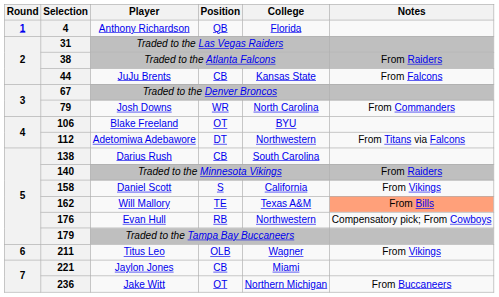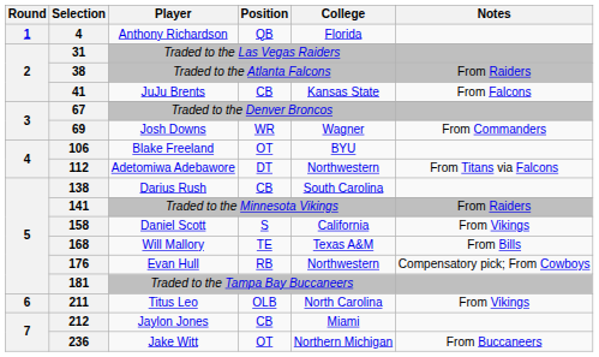 <table class="wikitable" style="text-align:center">
 <tr>
 <th>Round</th>
 <th>Selection</th>
 <th>Player</th>
 <th>Position</th>
 <th>College</th>
 <th>Notes</th>
 </tr>
 <tr>
 <th><a href='#'>1</a></th>
 <th>4</th>
 <td><a href='#'>Anthony Richardson</a></td>
 <td><a href='#'>QB</a></td>
 <td><a href='#'>Florida</a></td>
 <td></td>
 </tr>
 <tr>
 <th rowspan="3">2</th>
 <th>31</th>
 <td colspan="3" style="background:#BFBFBF"><em>Traded to the <a href='#'>Las Vegas Raiders</a></em></td>
 <td style="background:#BFBFBF"></td>
 </tr>
 <tr>
 <th>38</th>
 <td colspan="3" style="background:#BFBFBF"><em>Traded to the <a href='#'>Atlanta Falcons</a></em></td>
 <td style="background:#BFBFBF">From <a href='#'>Raiders</a></td>
 </tr>
 <tr>
-<th>44</th>
+<th>41</th>
 <td><a href='#'>JuJu Brents</a></td>
 <td><a href='#'>CB</a></td>
 <td><a href='#'>Kansas State</a></td>
 <td>From <a href='#'>Falcons</a></td>
 </tr>
 <tr>
 <th rowspan="2">3</th>
 <th>67</th>
 <td colspan="3" style="background:#BFBFBF"><em>Traded to the <a href='#'>Denver Broncos</a></em></td>
 <td style="background:#BFBFBF"></td>
 </tr>
 <tr>
-<th>79</th>
+<th>69</th>
 <td><a href='#'>Josh Downs</a></td>
 <td><a href='#'>WR</a></td>
-<td><a href='#'>North Carolina</a></td>
+<td><a href='#'>Wagner</a></td>
 <td>From <a href='#'>Commanders</a></td>
 </tr>
 <tr>
 <th rowspan="2">4</th>
 <th>106</th>
 <td><a href='#'>Blake Freeland</a></td>
 <td><a href='#'>OT</a></td>
 <td><a href='#'>BYU</a></td>
 <td></td>
 </tr>
 <tr>
 <th>112</th>
 <td><a href='#'>Adetomiwa Adebawore</a></td>
 <td><a href='#'>DT</a></td>
 <td><a href='#'>Northwestern</a></td>
 <td>From <a href='#'>Titans</a> via <a href='#'>Falcons</a></td>
 </tr>
 <tr>
 <th rowspan="6">5</th>
 <th>138</th>
 <td><a href='#'>Darius Rush</a></td>
 <td><a href='#'>CB</a></td>
 <td><a href='#'>South Carolina</a></td>
 <td></td>
 </tr>
 <tr>
-<th>140</th>
+<th>141</th>
 <td colspan="3" style="background:#BFBFBF"><em>Traded to the <a href='#'>Minnesota Vikings</a></em></td>
 <td style="background:#BFBFBF">From <a href='#'>Raiders</a></td>
 </tr>
 <tr>
 <th>158</th>
 <td><a href='#'>Daniel Scott</a></td>
 <td><a href='#'>S</a></td>
 <td><a href='#'>California</a></td>
 <td>From <a href='#'>Vikings</a></td>
 </tr>
 <tr>
-<th>162</th>
+<th>168</th>
 <td><a href='#'>Will Mallory</a></td>
 <td><a href='#'>TE</a></td>
 <td><a href='#'>Texas A&M</a></td>
-<td style="background: lightsalmon;">From <a href='#'>Bills</a></td>
+<td>From <a href='#'>Bills</a></td>
 </tr>
 <tr>
 <th>176</th>
 <td><a href='#'>Evan Hull</a></td>
 <td><a href='#'>RB</a></td>
 <td><a href='#'>Northwestern</a></td>
 <td>Compensatory pick; From <a href='#'>Cowboys</a></td>
 </tr>
 <tr>
-<th>179</th>
+<th>181</th>
 <td colspan="3" style="background:#BFBFBF"><em>Traded to the <a href='#'>Tampa Bay Buccaneers</a></em></td>
 <td style="background:#BFBFBF"></td>
 </tr>
 <tr>
 <th>6</th>
 <th>211</th>
 <td><a href='#'>Titus Leo</a></td>
 <td><a href='#'>OLB</a></td>
-<td><a href='#'>Wagner</a></td>
+<td><a href='#'>North Carolina</a></td>
 <td>From <a href='#'>Vikings</a></td>
 </tr>
 <tr>
 <th rowspan="2">7</th>
-<th>221</th>
+<th>212</th>
 <td><a href='#'>Jaylon Jones</a></td>
 <td><a href='#'>CB</a></td>
 <td><a href='#'>Miami</a></td>
 <td></td>
 </tr>
 <tr>
 <th>236</th>
 <td><a href='#'>Jake Witt</a></td>
 <td><a href='#'>OT</a></td>
 <td><a href='#'>Northern Michigan</a></td>
 <td>From <a href='#'>Buccaneers</a></td>
 </tr>
 </table>
